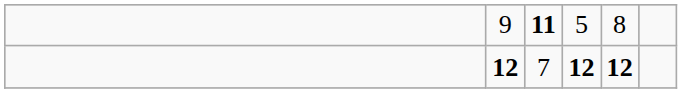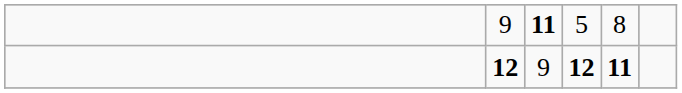 <table class="wikitable">
 <tr>
 <td style="width:18em"></td>
 <td align=center style="width:1em">9</td>
 <td align=center style="width:1em"><strong>11</strong></td>
 <td align=center style="width:1em">5</td>
 <td align=center style="width:1em">8</td>
 <td align=center style="width:1em"></td>
 </tr>
 <tr>
 <td style="width:18em"></td>
 <td align=center style="width:1em"><strong>12</strong></td>
-<td align=center style="width:1em">7</td>
+<td align=center style="width:1em">9</td>
 <td align=center style="width:1em"><strong>12</strong></td>
-<td align=center style="width:1em"><strong>12</strong></td>
+<td align=center style="width:1em"><strong>11</strong></td>
 <td align=center style="width:1em"></td>
 </tr>
 </table>
